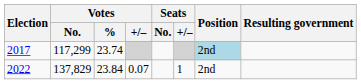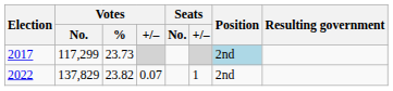 <table class="wikitable">
 <tr>
 <th rowspan="2" style="background-color:">Election</th>
 <th colspan="3" style="background-color:">Votes</th>
 <th colspan="2" style="background-color:">Seats</th>
 <th rowspan="2" style="background-color:">Position</th>
 <th rowspan="2" style="background-color:">Resulting government</th>
 </tr>
 <tr>
 <th style="background-color:">No.</th>
 <th style="background-color:">%</th>
 <th style="background-color:">+/–</th>
 <th style="background-color:">No.</th>
 <th style="background-color:">+/–</th>
 </tr>
 <tr>
 <td><a href='#'>2017</a></td>
 <td>117,299</td>
-<td>23.74</td>
+<td>23.73</td>
 <td bgcolor="lightgray"></td>
 <td></td>
 <td bgcolor="lightgray"></td>
 <td style="background: lightblue;">2nd</td>
 <td></td>
 </tr>
 <tr>
 <td><a href='#'>2022</a></td>
 <td>137,829</td>
-<td>23.84</td>
+<td>23.82</td>
 <td> 0.07</td>
 <td></td>
 <td> 1</td>
 <td> 2nd</td>
 <td></td>
 </tr>
 </table>
